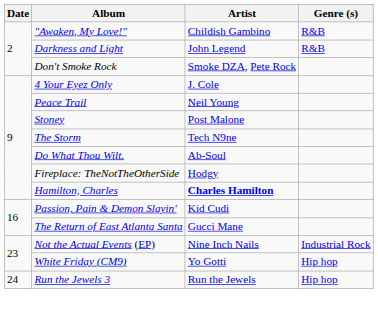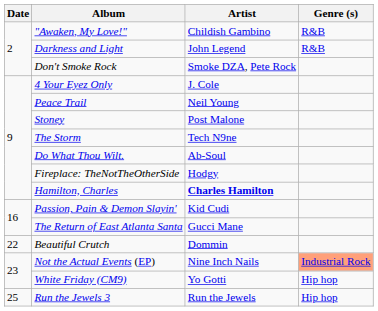 <table class="wikitable" style="text:align:">
 <tr>
 <th>Date</th>
 <th>Album</th>
 <th>Artist</th>
 <th>Genre (s)</th>
 </tr>
 <tr>
 <td rowspan="3">2</td>
 <td><em><a href='#'>"Awaken, My Love!"</a></em></td>
 <td><a href='#'>Childish Gambino</a></td>
 <td><a href='#'>R&B</a></td>
 </tr>
 <tr>
 <td><em><a href='#'>Darkness and Light</a></em></td>
 <td><a href='#'>John Legend</a></td>
 <td><a href='#'>R&B</a></td>
 </tr>
 <tr>
 <td><em>Don't Smoke Rock</em></td>
 <td><a href='#'>Smoke DZA</a>, <a href='#'>Pete Rock</a></td>
 <td></td>
 </tr>
 <tr>
 <td rowspan="7">9</td>
 <td><em><a href='#'>4 Your Eyez Only</a></em></td>
 <td><a href='#'>J. Cole</a></td>
 <td></td>
 </tr>
 <tr>
 <td><em><a href='#'>Peace Trail</a></em></td>
 <td><a href='#'>Neil Young</a></td>
 <td></td>
 </tr>
 <tr>
 <td><em><a href='#'>Stoney</a></em></td>
 <td><a href='#'>Post Malone</a></td>
 <td></td>
 </tr>
 <tr>
 <td><em><a href='#'>The Storm</a></em></td>
 <td><a href='#'>Tech N9ne</a></td>
 <td></td>
 </tr>
 <tr>
 <td><em><a href='#'>Do What Thou Wilt.</a></em></td>
 <td><a href='#'>Ab-Soul</a></td>
 <td></td>
 </tr>
 <tr>
 <td><em>Fireplace: TheNotTheOtherSide</em></td>
 <td><a href='#'>Hodgy</a></td>
 <td></td>
 </tr>
 <tr>
 <td><em><a href='#'>Hamilton, Charles</a></em></td>
 <td><strong><a href='#'>Charles Hamilton</a></strong></td>
 <td></td>
 </tr>
 <tr>
 <td rowspan="2">16</td>
 <td><em><a href='#'>Passion, Pain & Demon Slayin'</a></em></td>
 <td><a href='#'>Kid Cudi</a></td>
 <td></td>
 </tr>
 <tr>
 <td><em><a href='#'>The Return of East Atlanta Santa</a></em></td>
 <td><a href='#'>Gucci Mane</a></td>
 <td></td>
 </tr>
 <tr>
+<td>22</td>
+<td><em>Beautiful Crutch</em></td>
+<td><a href='#'>Dommin</a></td>
+<td></td>
+</tr>
+<tr>
 <td rowspan="2">23</td>
 <td><em><a href='#'>Not the Actual Events</a></em> (<a href='#'>EP</a>)</td>
 <td><a href='#'>Nine Inch Nails</a></td>
-<td><a href='#'>Industrial Rock</a></td>
+<td style="background: lightsalmon;"><a href='#'>Industrial Rock</a></td>
 </tr>
 <tr>
 <td><em><a href='#'>White Friday (CM9)</a></em></td>
 <td><a href='#'>Yo Gotti</a></td>
 <td><a href='#'>Hip hop</a></td>
 </tr>
 <tr>
-<td>24</td>
+<td>25</td>
 <td><em><a href='#'>Run the Jewels 3</a></em></td>
 <td><a href='#'>Run the Jewels</a></td>
 <td><a href='#'>Hip hop</a></td>
 </tr>
 </table>
